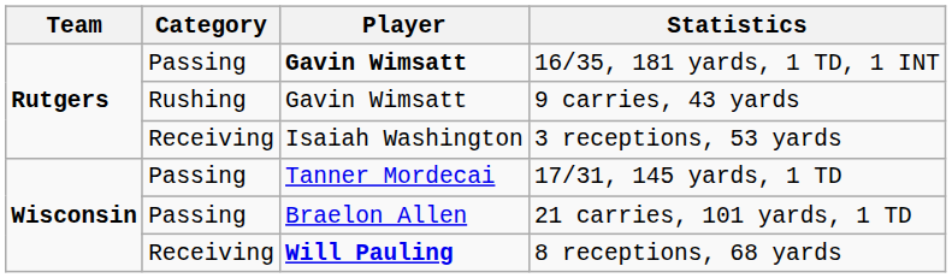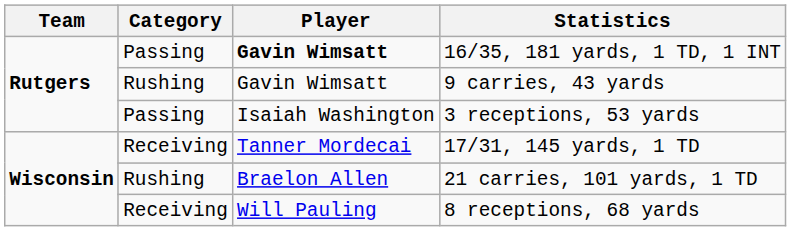 <table class="wikitable" style="float: left;">
 <tr>
 <th>Team</th>
 <th>Category</th>
 <th>Player</th>
 <th>Statistics</th>
 </tr>
 <tr>
 <td rowspan=3><strong>Rutgers</strong></td>
 <td>Passing</td>
 <td><strong>Gavin Wimsatt</strong></td>
 <td>16/35, 181 yards, 1 TD, 1 INT</td>
 </tr>
 <tr>
 <td>Rushing</td>
 <td>Gavin Wimsatt</td>
 <td>9 carries, 43 yards</td>
 </tr>
 <tr>
-<td>Receiving</td>
+<td>Passing</td>
 <td>Isaiah Washington</td>
 <td>3 receptions, 53 yards</td>
 </tr>
 <tr>
 <td rowspan=3><strong>Wisconsin</strong></td>
-<td>Passing</td>
+<td>Receiving</td>
 <td><a href='#'>Tanner Mordecai</a></td>
 <td>17/31, 145 yards, 1 TD</td>
 </tr>
 <tr>
-<td>Passing</td>
+<td>Rushing</td>
 <td><a href='#'>Braelon Allen</a></td>
 <td>21 carries, 101 yards, 1 TD</td>
 </tr>
 <tr>
 <td>Receiving</td>
-<td><strong><a href='#'>Will Pauling</a></strong></td>
+<td><a href='#'>Will Pauling</a></td>
 <td>8 receptions, 68 yards</td>
 </tr>
 </table>
